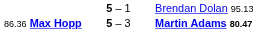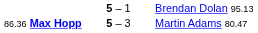 <table style="text-align:center">
 <tr>
 <th width=223></th>
 <th width=100></th>
 <th width=223></th>
 </tr>
 <tr>
 <td align=right></td>
 <td><strong>5</strong>  – 1</td>
 <td align=left> <a href='#'>Brendan Dolan</a> <small><span>95.13</span></small></td>
 </tr>
 <tr>
 <td align=right><small><span>86.36</span></small> <strong><a href='#'>Max Hopp</a></strong> </td>
 <td><strong>5</strong> – 3</td>
-<td align=left><strong> <a href='#'>Martin Adams</a> <small><span>80.47</span></small></strong></td>
+<td align=left> <a href='#'>Martin Adams</a> <small><span>80.47</span></small></td>
 </tr>
 </table>
